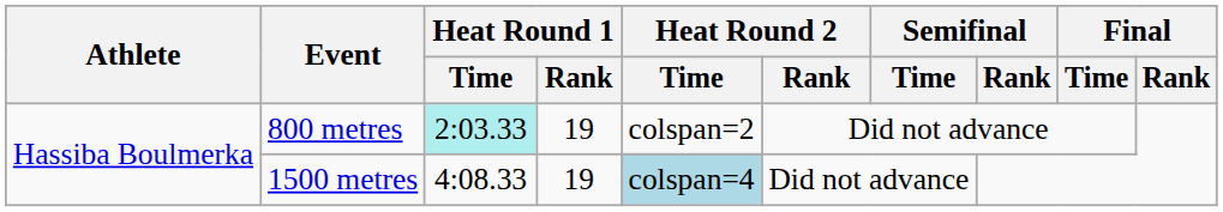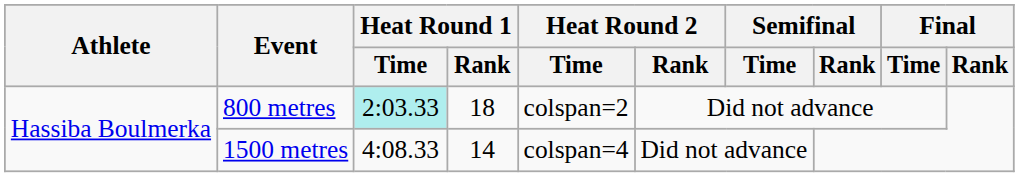 <table class=wikitable style="font-size:90%; text-align:center">
 <tr>
 <th rowspan=2>Athlete</th>
 <th rowspan=2>Event</th>
 <th colspan=2>Heat Round 1</th>
 <th colspan=2>Heat Round 2</th>
 <th colspan=2>Semifinal</th>
 <th colspan=2>Final</th>
 </tr>
 <tr style=font-size:95%>
 <th>Time</th>
 <th>Rank</th>
 <th>Time</th>
 <th>Rank</th>
 <th>Time</th>
 <th>Rank</th>
 <th>Time</th>
 <th>Rank</th>
 </tr>
 <tr align=center>
 <td align=left rowspan=2><a href='#'>Hassiba Boulmerka</a></td>
 <td align=left><a href='#'>800 metres</a></td>
 <td style="background: paleturquoise;">2:03.33</td>
-<td>19</td>
+<td>18</td>
 <td>colspan=2</td>
 <td colspan=4>Did not advance</td>
 </tr>
 <tr align=center>
 <td align=left><a href='#'>1500 metres</a></td>
 <td>4:08.33</td>
-<td>19</td>
-<td style="background: lightblue;">colspan=4</td>
+<td>14</td>
+<td>colspan=4</td>
 <td colspan=2>Did not advance</td>
 </tr>
 </table>
